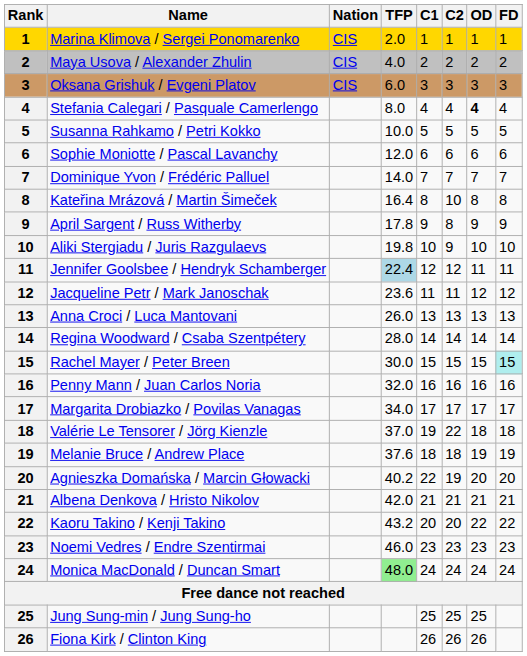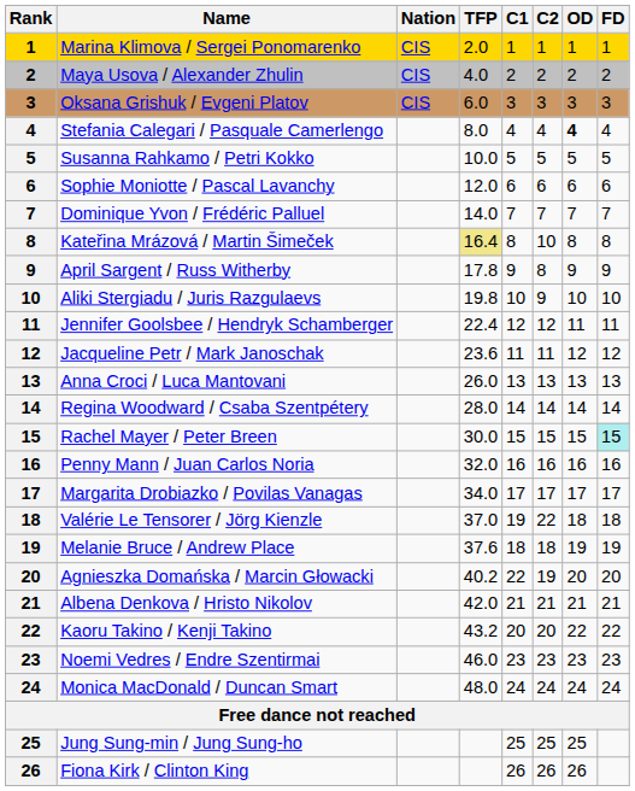 <table class="wikitable">
 <tr>
 <th>Rank</th>
 <th>Name</th>
 <th>Nation</th>
 <th>TFP</th>
 <th>C1</th>
 <th>C2</th>
 <th>OD</th>
 <th>FD</th>
 </tr>
 <tr bgcolor=gold>
 <td align=center><strong>1</strong></td>
 <td><a href='#'>Marina Klimova</a> / <a href='#'>Sergei Ponomarenko</a></td>
 <td> <a href='#'>CIS</a></td>
 <td>2.0</td>
 <td>1</td>
 <td>1</td>
 <td>1</td>
 <td>1</td>
 </tr>
 <tr bgcolor=silver>
 <td align=center><strong>2</strong></td>
 <td><a href='#'>Maya Usova</a> / <a href='#'>Alexander Zhulin</a></td>
 <td> <a href='#'>CIS</a></td>
 <td>4.0</td>
 <td>2</td>
 <td>2</td>
 <td>2</td>
 <td>2</td>
 </tr>
 <tr bgcolor=cc9966>
 <td align=center><strong>3</strong></td>
 <td><a href='#'>Oksana Grishuk</a> / <a href='#'>Evgeni Platov</a></td>
 <td> <a href='#'>CIS</a></td>
 <td>6.0</td>
 <td>3</td>
 <td>3</td>
 <td>3</td>
 <td>3</td>
 </tr>
 <tr>
 <th>4</th>
 <td><a href='#'>Stefania Calegari</a> / <a href='#'>Pasquale Camerlengo</a></td>
 <td></td>
 <td>8.0</td>
 <td>4</td>
 <td>4</td>
 <td><strong>4</strong></td>
 <td>4</td>
 </tr>
 <tr>
 <th>5</th>
 <td><a href='#'>Susanna Rahkamo</a> / <a href='#'>Petri Kokko</a></td>
 <td></td>
 <td>10.0</td>
 <td>5</td>
 <td>5</td>
 <td>5</td>
 <td>5</td>
 </tr>
 <tr>
 <th>6</th>
 <td><a href='#'>Sophie Moniotte</a> / <a href='#'>Pascal Lavanchy</a></td>
 <td></td>
 <td>12.0</td>
 <td>6</td>
 <td>6</td>
 <td>6</td>
 <td>6</td>
 </tr>
 <tr>
 <th>7</th>
 <td><a href='#'>Dominique Yvon</a> / <a href='#'>Frédéric Palluel</a></td>
 <td></td>
 <td>14.0</td>
 <td>7</td>
 <td>7</td>
 <td>7</td>
 <td>7</td>
 </tr>
 <tr>
 <th>8</th>
 <td><a href='#'>Kateřina Mrázová</a> / <a href='#'>Martin Šimeček</a></td>
 <td></td>
-<td>16.4</td>
+<td style="background: khaki;">16.4</td>
 <td>8</td>
 <td>10</td>
 <td>8</td>
 <td>8</td>
 </tr>
 <tr>
 <th>9</th>
 <td><a href='#'>April Sargent</a> / <a href='#'>Russ Witherby</a></td>
 <td></td>
 <td>17.8</td>
 <td>9</td>
 <td>8</td>
 <td>9</td>
 <td>9</td>
 </tr>
 <tr>
 <th>10</th>
 <td><a href='#'>Aliki Stergiadu</a> / <a href='#'>Juris Razgulaevs</a></td>
 <td></td>
 <td>19.8</td>
 <td>10</td>
 <td>9</td>
 <td>10</td>
 <td>10</td>
 </tr>
 <tr>
 <th>11</th>
 <td><a href='#'>Jennifer Goolsbee</a> / <a href='#'>Hendryk Schamberger</a></td>
 <td></td>
-<td style="background: lightblue;">22.4</td>
+<td>22.4</td>
 <td>12</td>
 <td>12</td>
 <td>11</td>
 <td>11</td>
 </tr>
 <tr>
 <th>12</th>
 <td><a href='#'>Jacqueline Petr</a> / <a href='#'>Mark Janoschak</a></td>
 <td></td>
 <td>23.6</td>
 <td>11</td>
 <td>11</td>
 <td>12</td>
 <td>12</td>
 </tr>
 <tr>
 <th>13</th>
 <td><a href='#'>Anna Croci</a> / <a href='#'>Luca Mantovani</a></td>
 <td></td>
 <td>26.0</td>
 <td>13</td>
 <td>13</td>
 <td>13</td>
 <td>13</td>
 </tr>
 <tr>
 <th>14</th>
 <td><a href='#'>Regina Woodward</a> / <a href='#'>Csaba Szentpétery</a></td>
 <td></td>
 <td>28.0</td>
 <td>14</td>
 <td>14</td>
 <td>14</td>
 <td>14</td>
 </tr>
 <tr>
 <th>15</th>
 <td><a href='#'>Rachel Mayer</a> / <a href='#'>Peter Breen</a></td>
 <td></td>
 <td>30.0</td>
 <td>15</td>
 <td>15</td>
 <td>15</td>
 <td style="background: paleturquoise;">15</td>
 </tr>
 <tr>
 <th>16</th>
 <td><a href='#'>Penny Mann</a> / <a href='#'>Juan Carlos Noria</a></td>
 <td></td>
 <td>32.0</td>
 <td>16</td>
 <td>16</td>
 <td>16</td>
 <td>16</td>
 </tr>
 <tr>
 <th>17</th>
 <td><a href='#'>Margarita Drobiazko</a> / <a href='#'>Povilas Vanagas</a></td>
 <td></td>
 <td>34.0</td>
 <td>17</td>
 <td>17</td>
 <td>17</td>
 <td>17</td>
 </tr>
 <tr>
 <th>18</th>
 <td><a href='#'>Valérie Le Tensorer</a> / <a href='#'>Jörg Kienzle</a></td>
 <td></td>
 <td>37.0</td>
 <td>19</td>
 <td>22</td>
 <td>18</td>
 <td>18</td>
 </tr>
 <tr>
 <th>19</th>
 <td><a href='#'>Melanie Bruce</a> / <a href='#'>Andrew Place</a></td>
 <td></td>
 <td>37.6</td>
 <td>18</td>
 <td>18</td>
 <td>19</td>
 <td>19</td>
 </tr>
 <tr>
 <th>20</th>
 <td><a href='#'>Agnieszka Domańska</a> / <a href='#'>Marcin Głowacki</a></td>
 <td></td>
 <td>40.2</td>
 <td>22</td>
 <td>19</td>
 <td>20</td>
 <td>20</td>
 </tr>
 <tr>
 <th>21</th>
 <td><a href='#'>Albena Denkova</a> / <a href='#'>Hristo Nikolov</a></td>
 <td></td>
 <td>42.0</td>
 <td>21</td>
 <td>21</td>
 <td>21</td>
 <td>21</td>
 </tr>
 <tr>
 <th>22</th>
 <td><a href='#'>Kaoru Takino</a> / <a href='#'>Kenji Takino</a></td>
 <td></td>
 <td>43.2</td>
 <td>20</td>
 <td>20</td>
 <td>22</td>
 <td>22</td>
 </tr>
 <tr>
 <th>23</th>
 <td><a href='#'>Noemi Vedres</a> / <a href='#'>Endre Szentirmai</a></td>
 <td></td>
 <td>46.0</td>
 <td>23</td>
 <td>23</td>
 <td>23</td>
 <td>23</td>
 </tr>
 <tr>
 <th>24</th>
 <td><a href='#'>Monica MacDonald</a> / <a href='#'>Duncan Smart</a></td>
 <td></td>
-<td style="background: lightgreen;">48.0</td>
+<td>48.0</td>
 <td>24</td>
 <td>24</td>
 <td>24</td>
 <td>24</td>
 </tr>
 <tr>
 <th colspan=8>Free dance not reached</th>
 </tr>
 <tr>
 <th>25</th>
 <td><a href='#'>Jung Sung-min</a> / <a href='#'>Jung Sung-ho</a></td>
 <td></td>
 <td></td>
 <td>25</td>
 <td>25</td>
 <td>25</td>
 <td></td>
 </tr>
 <tr>
 <th>26</th>
 <td><a href='#'>Fiona Kirk</a> / <a href='#'>Clinton King</a></td>
 <td></td>
 <td></td>
 <td>26</td>
 <td>26</td>
 <td>26</td>
 <td></td>
 </tr>
 </table>
